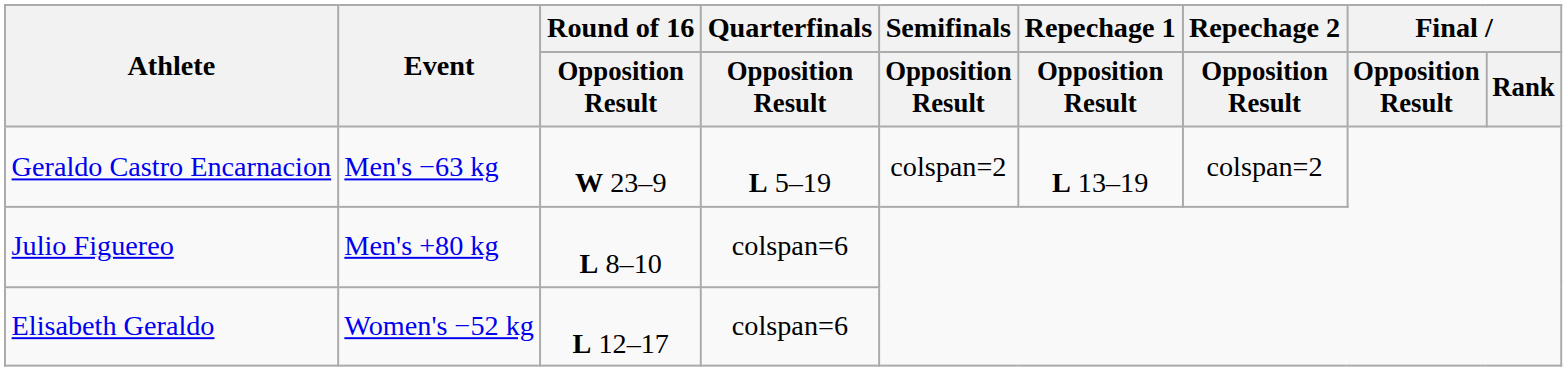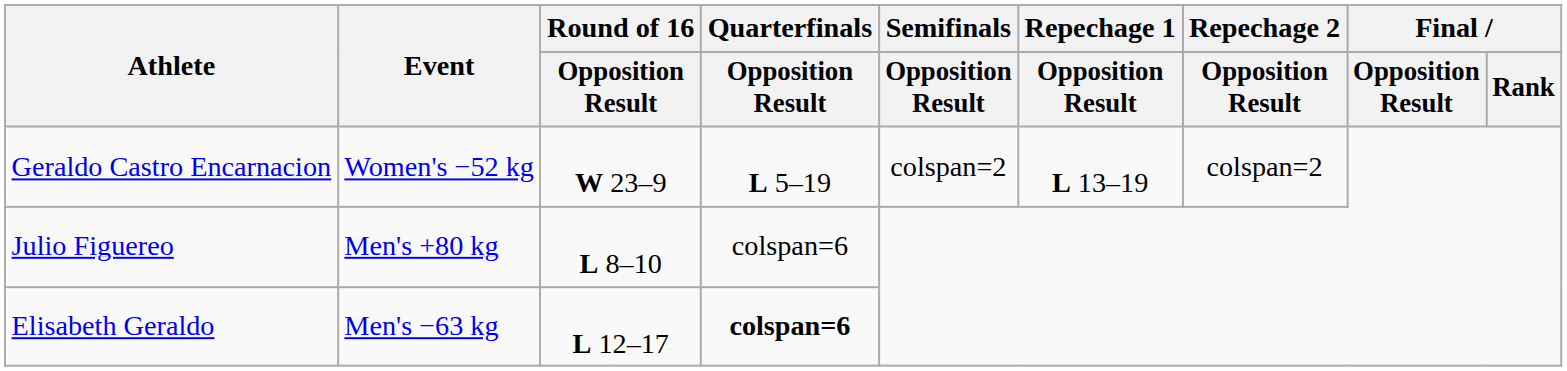 <table class="wikitable" style="font-size:90%;">
 <tr>
 <th rowspan=2>Athlete</th>
 <th rowspan=2>Event</th>
 <th>Round of 16</th>
 <th>Quarterfinals</th>
 <th>Semifinals</th>
 <th>Repechage 1</th>
 <th>Repechage 2</th>
 <th colspan=2>Final / </th>
 </tr>
 <tr style="font-size:95%">
 <th>Opposition<br>Result</th>
 <th>Opposition<br>Result</th>
 <th>Opposition<br>Result</th>
 <th>Opposition<br>Result</th>
 <th>Opposition<br>Result</th>
 <th>Opposition<br>Result</th>
 <th>Rank</th>
 </tr>
 <tr align=center>
 <td align=left><a href='#'>Geraldo Castro Encarnacion</a></td>
-<td align=left><a href='#'>Men's −63 kg</a></td>
+<td align=left><a href='#'>Women's −52 kg</a></td>
 <td><br><strong>W</strong> 23–9</td>
 <td><br><strong>L</strong> 5–19</td>
 <td>colspan=2 </td>
 <td><br><strong>L</strong> 13–19</td>
 <td>colspan=2 </td>
 </tr>
 <tr align=center>
 <td align=left><a href='#'>Julio Figuereo</a></td>
 <td align=left><a href='#'>Men's +80 kg</a></td>
 <td><br><strong>L</strong> 8–10</td>
 <td>colspan=6 </td>
 </tr>
 <tr align=center>
 <td align=left><a href='#'>Elisabeth Geraldo</a></td>
-<td align=left><a href='#'>Women's −52 kg</a></td>
+<td align=left><a href='#'>Men's −63 kg</a></td>
 <td><br><strong>L</strong> 12–17</td>
-<td>colspan=6 </td>
+<td><strong>colspan=6 </strong></td>
 </tr>
 </table>
